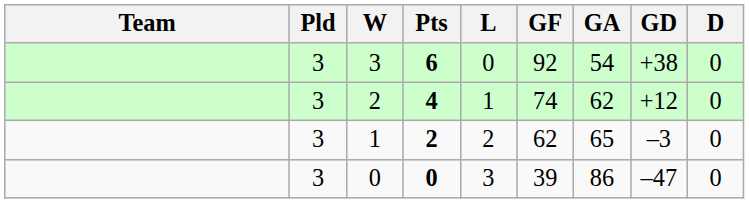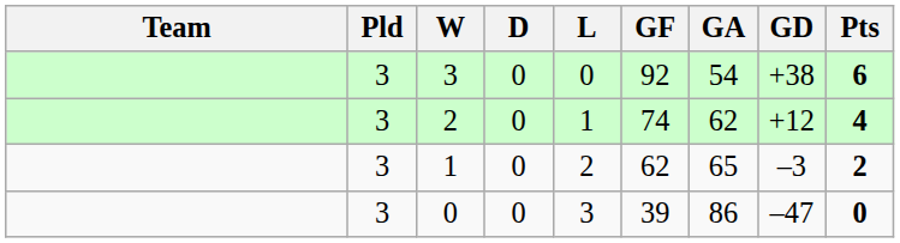 <table class="wikitable" style="text-align: center;">
 <tr>
 <th width="180">Team</th>
 <th width="30">Pld</th>
 <th width="30">W</th>
-<th width="30">Pts</th>
+<th width="30">D</th>
 <th width="30">L</th>
 <th width="30">GF</th>
 <th width="30">GA</th>
 <th width="30">GD</th>
-<th width="30">D</th>
+<th width="30">Pts</th>
 </tr>
 <tr bgcolor=#CCFFCC>
 <td align="left"></td>
 <td>3</td>
 <td>3</td>
-<td><strong>6</strong></td>
+<td>0</td>
 <td>0</td>
 <td>92</td>
 <td>54</td>
 <td>+38</td>
-<td>0</td>
+<td><strong>6</strong></td>
 </tr>
 <tr bgcolor=#CCFFCC>
 <td align="left"></td>
 <td>3</td>
 <td>2</td>
-<td><strong>4</strong></td>
+<td>0</td>
 <td>1</td>
 <td>74</td>
 <td>62</td>
 <td>+12</td>
-<td>0</td>
+<td><strong>4</strong></td>
 </tr>
 <tr>
 <td align="left"></td>
 <td>3</td>
 <td>1</td>
-<td><strong>2</strong></td>
+<td>0</td>
 <td>2</td>
 <td>62</td>
 <td>65</td>
 <td>–3</td>
-<td>0</td>
+<td><strong>2</strong></td>
 </tr>
 <tr>
 <td align="left"></td>
 <td>3</td>
 <td>0</td>
-<td><strong>0</strong></td>
+<td>0</td>
 <td>3</td>
 <td>39</td>
 <td>86</td>
 <td>–47</td>
-<td>0</td>
+<td><strong>0</strong></td>
 </tr>
 </table>
